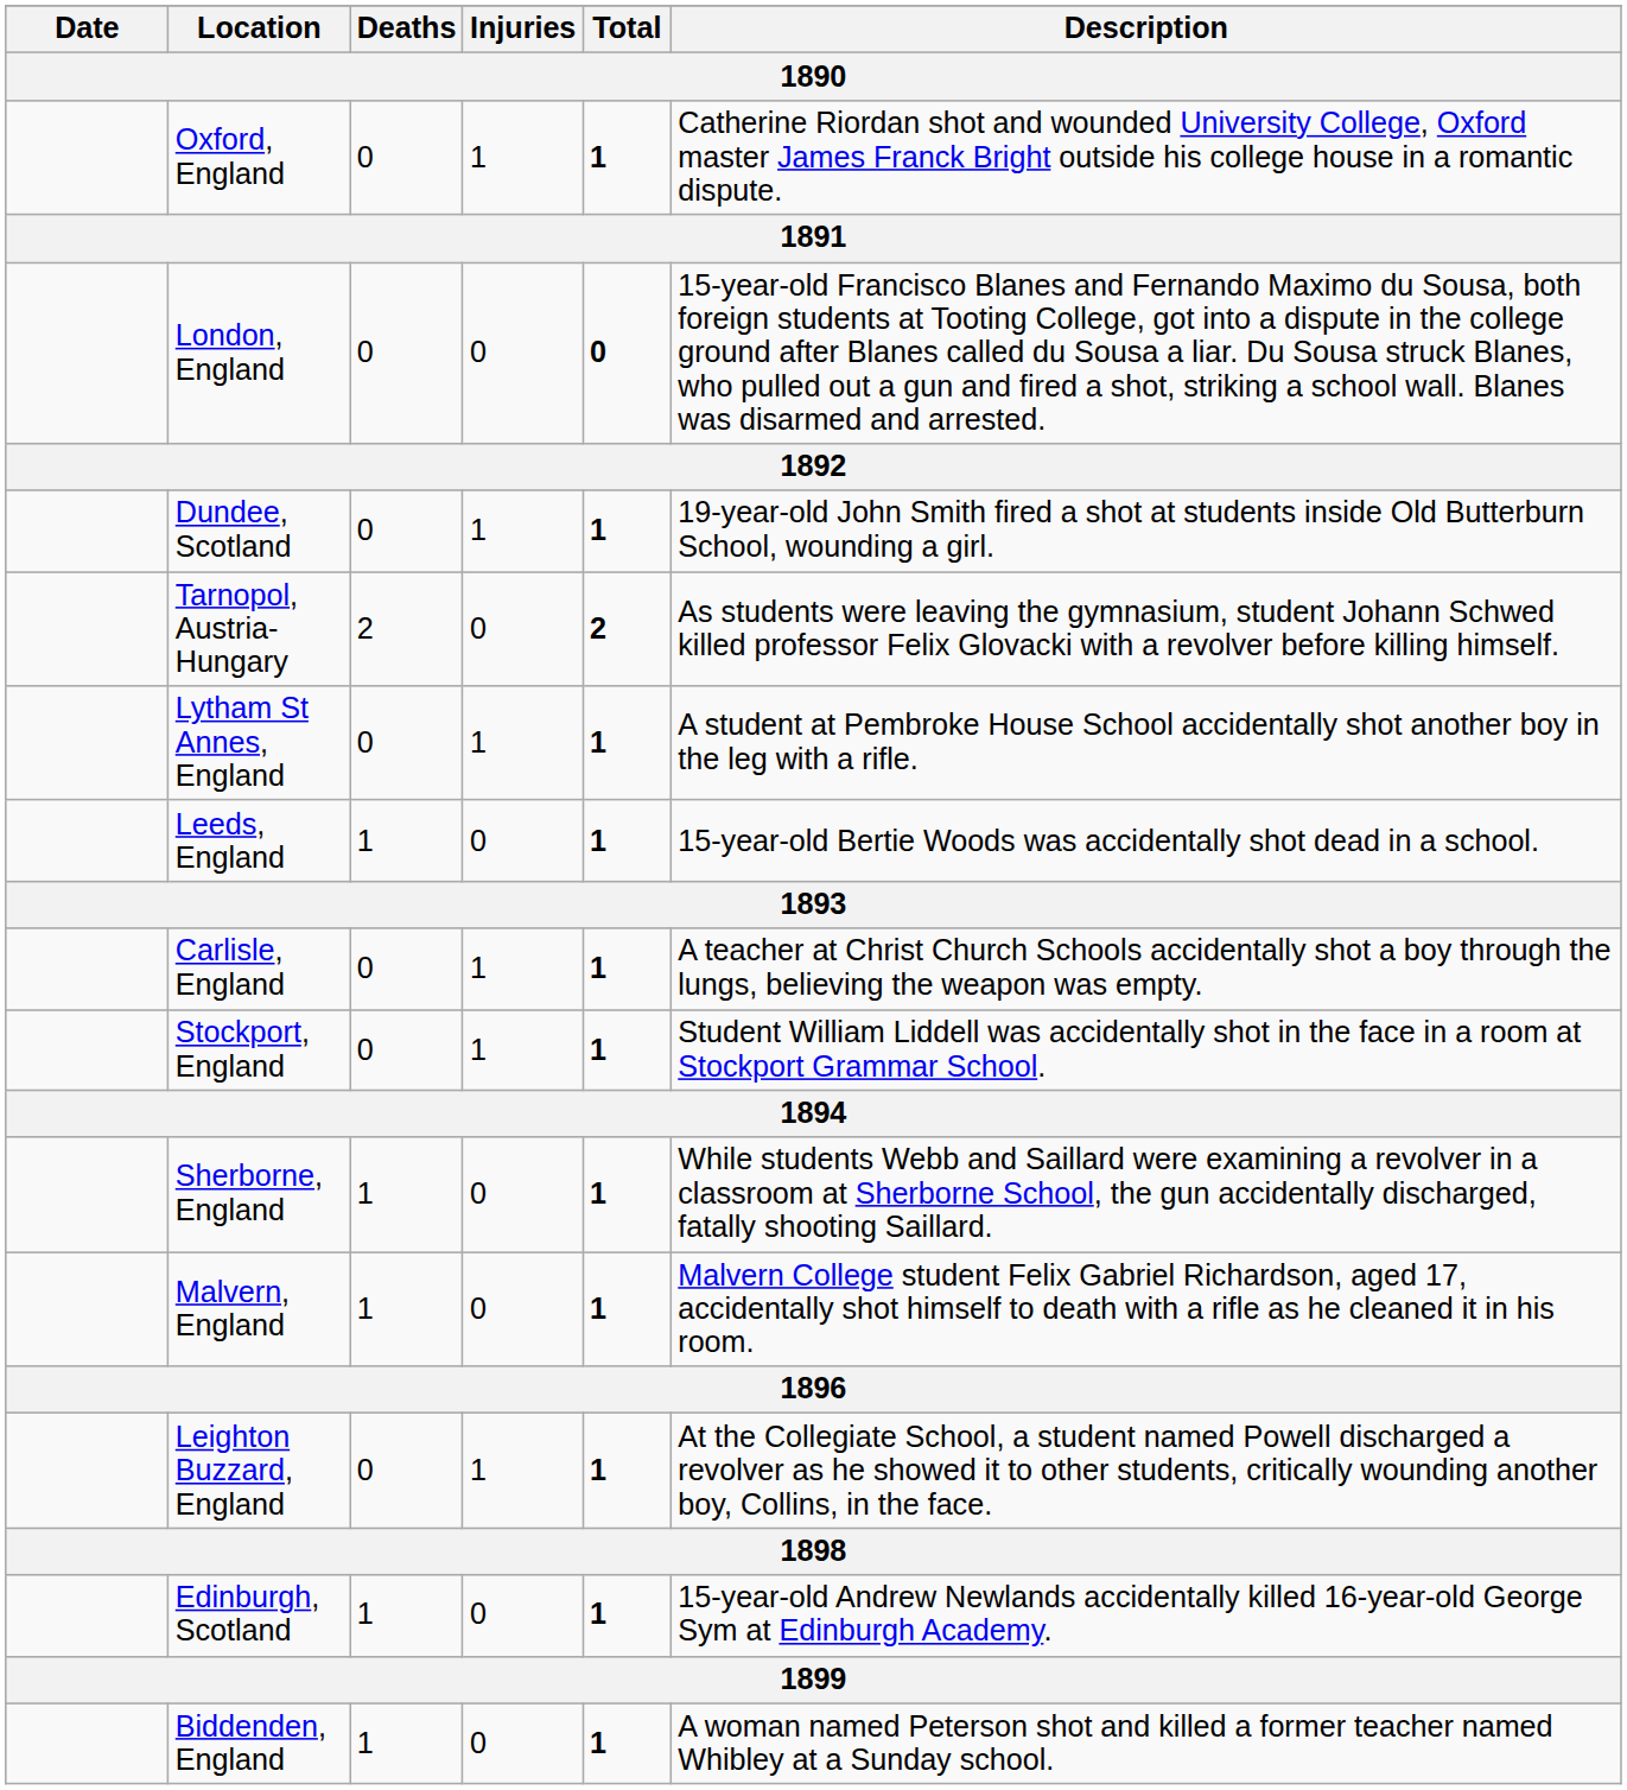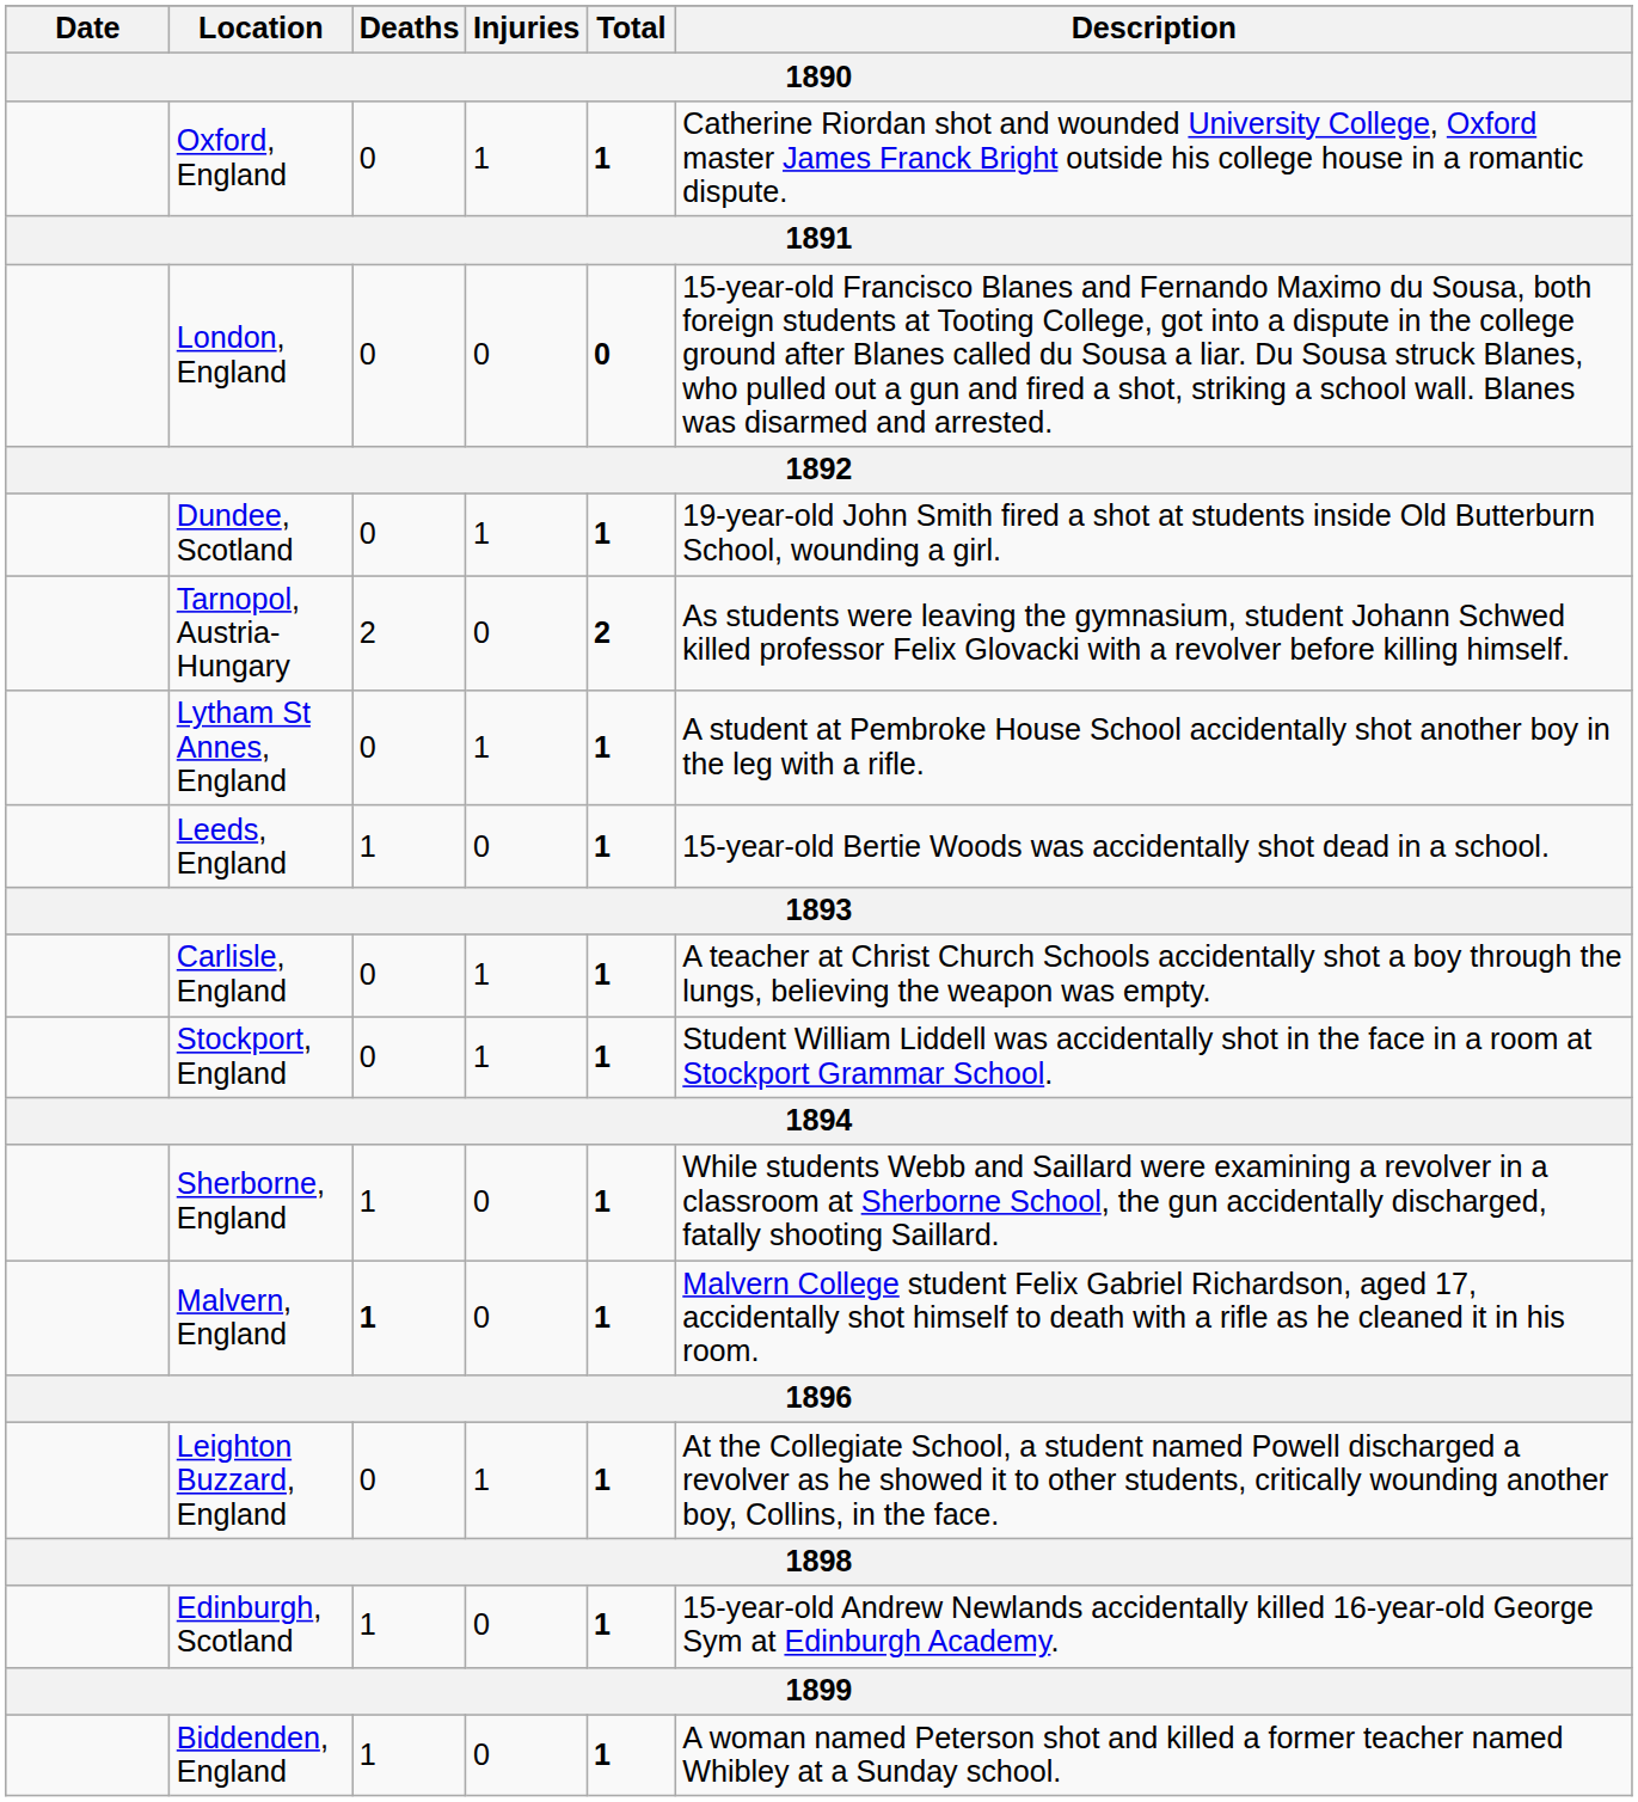 <table class="sortable wikitable" style="font-size:100%;" id="1890s">
 <tr>
 </tr>
 <tr>
 <th style="width:80px;">Date</th>
 <th style="width:90px;">Location</th>
 <th style="width:40px;">Deaths</th>
 <th style="width:40px;">Injuries</th>
 <th style="width:40px;">Total</th>
 <th class="unsortable">Description</th>
 </tr>
 <tr>
 <th colspan="7">1890 </th>
 </tr>
 <tr>
 <td></td>
 <td><a href='#'>Oxford</a>, England</td>
 <td>0</td>
 <td>1</td>
 <td><strong>1</strong></td>
 <td>Catherine Riordan shot and wounded <a href='#'>University College</a>, <a href='#'>Oxford</a> master <a href='#'>James Franck Bright</a> outside his college house in a romantic dispute.</td>
 </tr>
 <tr>
 <th colspan="7">1891 </th>
 </tr>
 <tr>
 <td></td>
 <td><a href='#'>London</a>, England</td>
 <td>0</td>
 <td>0</td>
 <td><strong>0</strong></td>
 <td>15-year-old Francisco Blanes and Fernando Maximo du Sousa, both foreign students at Tooting College, got into a dispute in the college ground after Blanes called du Sousa a liar. Du Sousa struck Blanes, who pulled out a gun and fired a shot, striking a school wall. Blanes was disarmed and arrested.</td>
 </tr>
 <tr>
 <th colspan="7">1892 </th>
 </tr>
 <tr>
 <td></td>
 <td><a href='#'>Dundee</a>, Scotland</td>
 <td>0</td>
 <td>1</td>
 <td><strong>1</strong></td>
 <td>19-year-old John Smith fired a shot at students inside Old Butterburn School, wounding a girl.</td>
 </tr>
 <tr>
 <td></td>
 <td><a href='#'>Tarnopol</a>, Austria-Hungary</td>
 <td>2</td>
 <td>0</td>
 <td><strong>2</strong></td>
 <td>As students were leaving the gymnasium, student Johann Schwed killed professor Felix Glovacki with a revolver before killing himself.</td>
 </tr>
 <tr>
 <td></td>
 <td><a href='#'>Lytham St Annes</a>, England</td>
 <td>0</td>
 <td>1</td>
 <td><strong>1</strong></td>
 <td>A student at Pembroke House School accidentally shot another boy in the leg with a rifle.</td>
 </tr>
 <tr>
 <td></td>
 <td><a href='#'>Leeds</a>, England</td>
 <td>1</td>
 <td>0</td>
 <td><strong>1</strong></td>
 <td>15-year-old Bertie Woods was accidentally shot dead in a school.</td>
 </tr>
 <tr>
 <th colspan="7">1893 </th>
 </tr>
 <tr>
 <td></td>
 <td><a href='#'>Carlisle</a>, England</td>
 <td>0</td>
 <td>1</td>
 <td><strong>1</strong></td>
 <td>A teacher at Christ Church Schools accidentally shot a boy through the lungs, believing the weapon was empty.</td>
 </tr>
 <tr>
 <td></td>
 <td><a href='#'>Stockport</a>, England</td>
 <td>0</td>
 <td>1</td>
 <td><strong>1</strong></td>
 <td>Student William Liddell was accidentally shot in the face in a room at <a href='#'>Stockport Grammar School</a>.</td>
 </tr>
 <tr>
 <th colspan="7">1894 </th>
 </tr>
 <tr>
 <td></td>
 <td><a href='#'>Sherborne</a>, England</td>
 <td>1</td>
 <td>0</td>
 <td><strong>1</strong></td>
 <td>While students Webb and Saillard were examining a revolver in a classroom at <a href='#'>Sherborne School</a>, the gun accidentally discharged, fatally shooting Saillard.</td>
 </tr>
 <tr>
 <td></td>
 <td><a href='#'>Malvern</a>, England</td>
-<td>1</td>
+<td><strong>1</strong></td>
 <td>0</td>
 <td><strong>1</strong></td>
 <td><a href='#'>Malvern College</a> student Felix Gabriel Richardson, aged 17, accidentally shot himself to death with a rifle as he cleaned it in his room.</td>
 </tr>
 <tr>
 <th colspan="7">1896 </th>
 </tr>
 <tr>
 <td></td>
 <td><a href='#'>Leighton Buzzard</a>, England</td>
 <td>0</td>
 <td>1</td>
 <td><strong>1</strong></td>
 <td>At the Collegiate School, a student named Powell discharged a revolver as he showed it to other students, critically wounding another boy, Collins, in the face.</td>
 </tr>
 <tr>
 <th colspan="7">1898 </th>
 </tr>
 <tr>
 <td></td>
 <td><a href='#'>Edinburgh</a>, Scotland</td>
 <td>1</td>
 <td>0</td>
 <td><strong>1</strong></td>
 <td>15-year-old Andrew Newlands accidentally killed 16-year-old George Sym at <a href='#'>Edinburgh Academy</a>.</td>
 </tr>
 <tr>
 <th colspan="7">1899 </th>
 </tr>
 <tr>
 <td></td>
 <td><a href='#'>Biddenden</a>, England</td>
 <td>1</td>
 <td>0</td>
 <td><strong>1</strong></td>
 <td>A woman named Peterson shot and killed a former teacher named Whibley at a Sunday school.</td>
 </tr>
 </table>
